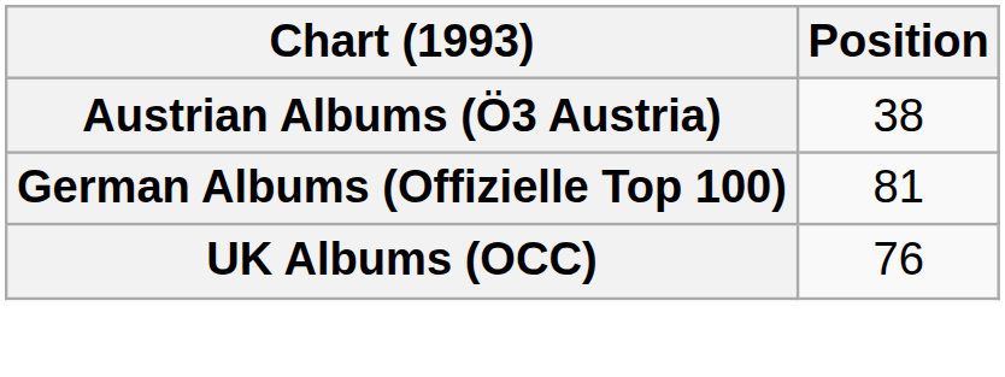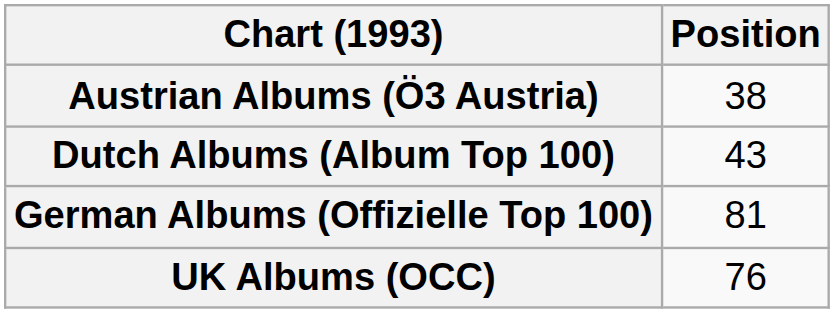 <table class="wikitable plainrowheaders sortable">
 <tr>
 <th scope="col">Chart (1993)</th>
 <th scope="col">Position</th>
 </tr>
 <tr>
 <th scope="row">Austrian Albums (Ö3 Austria)</th>
 <td style="text-align:center;">38</td>
 </tr>
 <tr>
+<th scope="row">Dutch Albums (Album Top 100)</th>
+<td style="text-align:center;">43</td>
+</tr>
+<tr>
 <th scope="row">German Albums (Offizielle Top 100)</th>
 <td style="text-align:center;">81</td>
 </tr>
 <tr>
 <th scope="row">UK Albums (OCC)</th>
 <td style="text-align:center;">76</td>
 </tr>
 </table>
